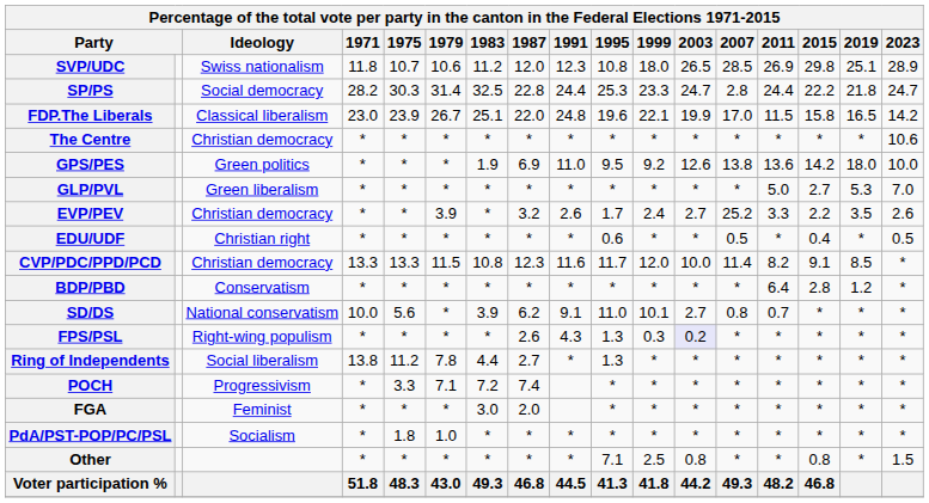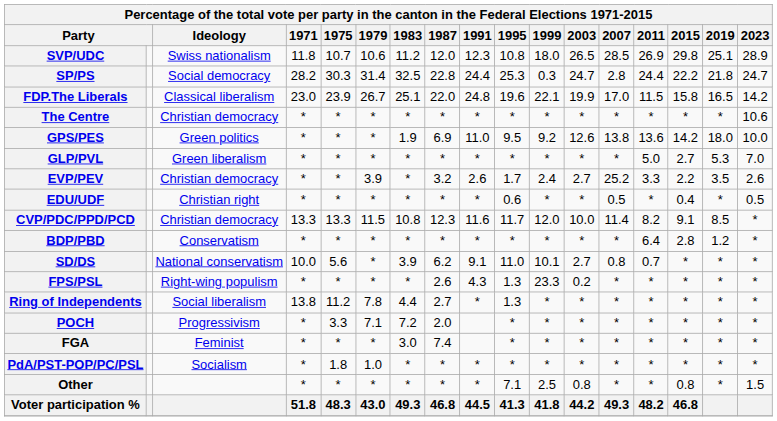 <table class="wikitable sortable" style ="text-align: center">
 <tr>
 <th colspan="17">Percentage of the total vote per party in the canton in the Federal Elections 1971-2015</th>
 </tr>
 <tr>
 <th colspan="2">Party</th>
 <th class="unsortable">Ideology</th>
 <th>1971</th>
 <th>1975</th>
 <th>1979</th>
 <th>1983</th>
 <th>1987</th>
 <th>1991</th>
 <th>1995</th>
 <th>1999</th>
 <th>2003</th>
 <th>2007</th>
 <th>2011</th>
 <th>2015</th>
 <th>2019</th>
 <th>2023</th>
 </tr>
 <tr>
 <th><a href='#'>SVP/UDC</a></th>
 <td></td>
 <td><a href='#'>Swiss nationalism</a></td>
 <td>11.8</td>
 <td>10.7</td>
 <td>10.6</td>
 <td>11.2</td>
 <td>12.0</td>
 <td>12.3</td>
 <td>10.8</td>
 <td>18.0</td>
 <td>26.5</td>
 <td>28.5</td>
 <td>26.9</td>
 <td>29.8</td>
 <td>25.1</td>
 <td>28.9</td>
 </tr>
 <tr>
 <th><a href='#'>SP/PS</a></th>
 <td></td>
 <td><a href='#'>Social democracy</a></td>
 <td>28.2</td>
 <td>30.3</td>
 <td>31.4</td>
 <td>32.5</td>
 <td>22.8</td>
 <td>24.4</td>
 <td>25.3</td>
-<td>23.3</td>
+<td>0.3</td>
 <td>24.7</td>
 <td>2.8</td>
 <td>24.4</td>
 <td>22.2</td>
 <td>21.8</td>
 <td>24.7</td>
 </tr>
 <tr>
 <th><a href='#'>FDP.The Liberals</a></th>
 <td></td>
 <td><a href='#'>Classical liberalism</a></td>
 <td>23.0</td>
 <td>23.9</td>
 <td>26.7</td>
 <td>25.1</td>
 <td>22.0</td>
 <td>24.8</td>
 <td>19.6</td>
 <td>22.1</td>
 <td>19.9</td>
 <td>17.0</td>
 <td>11.5</td>
 <td>15.8</td>
 <td>16.5</td>
 <td>14.2</td>
 </tr>
 <tr>
 <th><a href='#'>The Centre</a></th>
 <td></td>
 <td><a href='#'>Christian democracy</a></td>
 <td>*</td>
 <td>*</td>
 <td>*</td>
 <td>*</td>
 <td>*</td>
 <td>*</td>
 <td>*</td>
 <td>*</td>
 <td>*</td>
 <td>*</td>
 <td>*</td>
 <td>*</td>
 <td>*</td>
 <td>10.6</td>
 </tr>
 <tr>
 <th><a href='#'>GPS/PES</a></th>
 <td></td>
 <td><a href='#'>Green politics</a></td>
 <td>*</td>
 <td>*</td>
 <td>*</td>
 <td>1.9</td>
 <td>6.9</td>
 <td>11.0</td>
 <td>9.5</td>
 <td>9.2</td>
 <td>12.6</td>
 <td>13.8</td>
 <td>13.6</td>
 <td>14.2</td>
 <td>18.0</td>
 <td>10.0</td>
 </tr>
 <tr>
 <th><a href='#'>GLP/PVL</a></th>
 <td></td>
 <td><a href='#'>Green liberalism</a></td>
 <td>*</td>
 <td>*</td>
 <td>*</td>
 <td>*</td>
 <td>*</td>
 <td>*</td>
 <td>*</td>
 <td>*</td>
 <td>*</td>
 <td>*</td>
 <td>5.0</td>
 <td>2.7</td>
 <td>5.3</td>
 <td>7.0</td>
 </tr>
 <tr>
 <th><a href='#'>EVP/PEV</a></th>
 <td></td>
 <td><a href='#'>Christian democracy</a></td>
 <td>*</td>
 <td>*</td>
 <td>3.9</td>
 <td>*</td>
 <td>3.2</td>
 <td>2.6</td>
 <td>1.7</td>
 <td>2.4</td>
 <td>2.7</td>
 <td>25.2</td>
 <td>3.3</td>
 <td>2.2</td>
 <td>3.5</td>
 <td>2.6</td>
 </tr>
 <tr>
 <th><a href='#'>EDU/UDF</a></th>
 <td></td>
 <td><a href='#'>Christian right</a></td>
 <td>*</td>
 <td>*</td>
 <td>*</td>
 <td>*</td>
 <td>*</td>
 <td>*</td>
 <td>0.6</td>
 <td>*</td>
 <td>*</td>
 <td>0.5</td>
 <td>*</td>
 <td>0.4</td>
 <td>*</td>
 <td>0.5</td>
 </tr>
 <tr>
 <th><a href='#'>CVP/PDC/PPD/PCD</a></th>
 <td></td>
 <td><a href='#'>Christian democracy</a></td>
 <td>13.3</td>
 <td>13.3</td>
 <td>11.5</td>
 <td>10.8</td>
 <td>12.3</td>
 <td>11.6</td>
 <td>11.7</td>
 <td>12.0</td>
 <td>10.0</td>
 <td>11.4</td>
 <td>8.2</td>
 <td>9.1</td>
 <td>8.5</td>
 <td>* </td>
 </tr>
 <tr>
 <th><a href='#'>BDP/PBD</a></th>
 <td></td>
 <td><a href='#'>Conservatism</a></td>
 <td>*</td>
 <td>*</td>
 <td>*</td>
 <td>*</td>
 <td>*</td>
 <td>*</td>
 <td>*</td>
 <td>*</td>
 <td>*</td>
 <td>*</td>
 <td>6.4</td>
 <td>2.8</td>
 <td>1.2</td>
 <td>* </td>
 </tr>
 <tr>
 <th><a href='#'>SD/DS</a></th>
 <td></td>
 <td><a href='#'>National conservatism</a></td>
 <td>10.0</td>
 <td>5.6</td>
 <td>*</td>
 <td>3.9</td>
 <td>6.2</td>
 <td>9.1</td>
 <td>11.0</td>
 <td>10.1</td>
 <td>2.7</td>
 <td>0.8</td>
 <td>0.7</td>
 <td>*</td>
 <td>*</td>
 <td>*</td>
 </tr>
 <tr>
 <th><a href='#'>FPS/PSL</a></th>
 <td></td>
 <td><a href='#'>Right-wing populism</a></td>
 <td>*</td>
 <td>*</td>
 <td>*</td>
 <td>*</td>
 <td>2.6</td>
 <td>4.3</td>
 <td>1.3</td>
-<td>0.3</td>
-<td style="background: lavender;">0.2</td>
+<td>23.3</td>
+<td>0.2</td>
 <td>*</td>
 <td>*</td>
 <td>*</td>
 <td>*</td>
 <td>*</td>
 </tr>
 <tr>
 <th><a href='#'>Ring of Independents</a></th>
 <td></td>
 <td><a href='#'>Social liberalism</a></td>
 <td>13.8</td>
 <td>11.2</td>
 <td>7.8</td>
 <td>4.4</td>
 <td>2.7</td>
 <td>* </td>
 <td>1.3</td>
 <td>*</td>
 <td>*</td>
 <td>*</td>
 <td>*</td>
 <td>*</td>
 <td>*</td>
 <td>*</td>
 </tr>
 <tr>
 <th><a href='#'>POCH</a></th>
 <td></td>
 <td><a href='#'>Progressivism</a></td>
 <td>*</td>
 <td>3.3</td>
 <td>7.1</td>
 <td>7.2</td>
-<td>7.4</td>
+<td>2.0</td>
 <td></td>
 <td>*</td>
 <td>*</td>
 <td>*</td>
 <td>*</td>
 <td>*</td>
 <td>*</td>
 <td>*</td>
 <td>*</td>
 </tr>
 <tr>
 <th>FGA</th>
 <td></td>
 <td><a href='#'>Feminist</a></td>
 <td>*</td>
 <td>*</td>
 <td>*</td>
 <td>3.0</td>
-<td>2.0</td>
+<td>7.4</td>
 <td></td>
 <td>*</td>
 <td>*</td>
 <td>*</td>
 <td>*</td>
 <td>*</td>
 <td>*</td>
 <td>*</td>
 <td>*</td>
 </tr>
 <tr>
 <th><a href='#'>PdA/PST-POP/PC/PSL</a></th>
 <td></td>
 <td><a href='#'>Socialism</a></td>
 <td>*</td>
 <td>1.8</td>
 <td>1.0</td>
 <td>*</td>
 <td>*</td>
 <td>*</td>
 <td>*</td>
 <td>*</td>
 <td>*</td>
 <td>*</td>
 <td>*</td>
 <td>*</td>
 <td>*</td>
 <td>*</td>
 </tr>
 <tr>
 <th>Other</th>
 <td></td>
 <td></td>
 <td>*</td>
 <td>*</td>
 <td>*</td>
 <td>*</td>
 <td>*</td>
 <td>*</td>
 <td>7.1</td>
 <td>2.5</td>
 <td>0.8</td>
 <td>*</td>
 <td>*</td>
 <td>0.8</td>
 <td>*</td>
 <td>1.5</td>
 </tr>
 <tr>
 <th>Voter participation %</th>
 <th></th>
 <th></th>
 <th>51.8</th>
 <th>48.3</th>
 <th>43.0</th>
 <th>49.3</th>
 <th>46.8</th>
 <th>44.5</th>
 <th>41.3</th>
 <th>41.8</th>
 <th>44.2</th>
 <th>49.3</th>
 <th>48.2</th>
 <th>46.8</th>
 <th></th>
 <th></th>
 </tr>
 <tr>
 </tr>
 </table>
